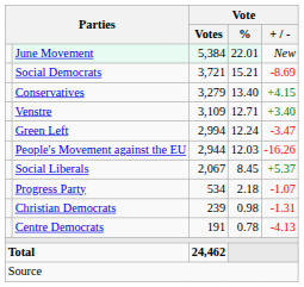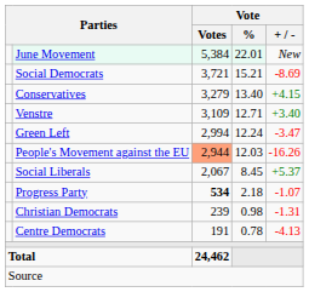 <table class="wikitable" style="text-align:right;">
 <tr>
 <th style="text-align:centre;" rowspan="2" colspan="2" width="225">Parties</th>
 <th colspan="3">Vote</th>
 </tr>
 <tr>
 <th width="15">Votes</th>
 <th width="15">%</th>
 <th width="15">+ / -</th>
 </tr>
 <tr>
 <td width="2" style="color:inherit;background:"></td>
 <td bgcolor=#e8fbf3   align="left"><a href='#'>June Movement</a></td>
 <td bgcolor=#e8fbf3>5,384</td>
 <td bgcolor=#e8fbf3>22.01</td>
 <td><em>New</em></td>
 </tr>
 <tr>
 <td width="2" style="color:inherit;background:"></td>
 <td align="left"><a href='#'>Social Democrats</a></td>
 <td>3,721</td>
 <td>15.21</td>
 <td style=color:red;>-8.69</td>
 </tr>
 <tr>
 <td width="2" style="color:inherit;background:"></td>
 <td align="left"><a href='#'>Conservatives</a></td>
 <td>3,279</td>
 <td>13.40</td>
 <td style=color:green;>+4.15</td>
 </tr>
 <tr>
 <td width="2" style="color:inherit;background:"></td>
 <td align="left"><a href='#'>Venstre</a></td>
 <td>3,109</td>
 <td>12.71</td>
 <td style=color:green;>+3.40</td>
 </tr>
 <tr>
 <td width="2" style="color:inherit;background:"></td>
 <td align="left"><a href='#'>Green Left</a></td>
 <td>2,994</td>
 <td>12.24</td>
 <td style=color:red;>-3.47</td>
 </tr>
 <tr>
 <td width="2" style="color:inherit;background:"></td>
 <td align="left"><a href='#'>People's Movement against the EU</a></td>
-<td>2,944</td>
+<td style="background: lightsalmon;">2,944</td>
 <td>12.03</td>
 <td style=color:red;>-16.26</td>
 </tr>
 <tr>
 <td width="2" style="color:inherit;background:"></td>
 <td align="left"><a href='#'>Social Liberals</a></td>
 <td>2,067</td>
 <td>8.45</td>
 <td style=color:green;>+5.37</td>
 </tr>
 <tr>
 <td width="2" style="color:inherit;background:"></td>
 <td align="left"><a href='#'>Progress Party</a></td>
-<td>534</td>
+<td><strong>534</strong></td>
 <td>2.18</td>
 <td style=color:red;>-1.07</td>
 </tr>
 <tr>
 <td width="2" style="color:inherit;background:"></td>
 <td align="left"><a href='#'>Christian Democrats</a></td>
 <td>239</td>
 <td>0.98</td>
 <td style=color:red;>-1.31</td>
 </tr>
 <tr>
 <td width="2" style="color:inherit;background:"></td>
 <td align="left"><a href='#'>Centre Democrats</a></td>
 <td>191</td>
 <td>0.78</td>
 <td style=color:red;>-4.13</td>
 </tr>
 <tr>
 <td colspan="7" bgcolor="#E9E9E9"></td>
 </tr>
 <tr>
 <td align="left" colspan="2"><strong>Total</strong></td>
 <td><strong>24,462</strong></td>
 <td bgcolor="#E9E9E9" colspan="2"></td>
 </tr>
 <tr>
 <td align="left" colspan="6">Source</td>
 </tr>
 </table>
